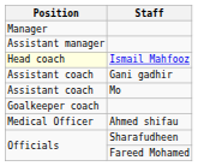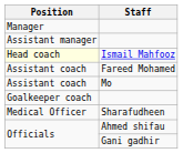 <table class="wikitable">
 <tr>
 <th>Position</th>
 <th>Staff</th>
 </tr>
 <tr>
 <td>Manager</td>
 <td></td>
 </tr>
 <tr>
 <td>Assistant manager</td>
 <td></td>
 </tr>
 <tr>
 <td style="background: lightyellow;">Head coach</td>
 <td> <a href='#'>Ismail Mahfooz</a></td>
 </tr>
 <tr>
 <td>Assistant coach</td>
-<td> Gani gadhir</td>
+<td> Fareed Mohamed</td>
 </tr>
 <tr>
 <td>Assistant coach</td>
 <td> Mo</td>
 </tr>
 <tr>
 <td>Goalkeeper coach</td>
 <td></td>
 </tr>
 <tr>
 <td>Medical Officer</td>
+<td> Sharafudheen</td>
+</tr>
+<tr>
+<td rowspan="2">Officials</td>
 <td> Ahmed shifau</td>
 </tr>
 <tr>
-<td rowspan="2">Officials</td>
-<td> Sharafudheen</td>
-</tr>
-<tr>
-<td> Fareed Mohamed</td>
+<td> Gani gadhir</td>
 </tr>
 </table>
